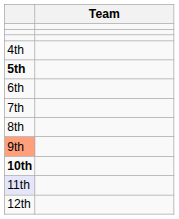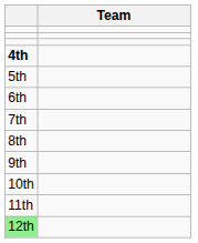 <table class="wikitable">
 <tr>
 <th width=20></th>
 <th width=175>Team</th>
 </tr>
 <tr>
 <td></td>
 <td></td>
 </tr>
 <tr>
 <td></td>
 <td></td>
 </tr>
 <tr>
 <td></td>
 <td></td>
 </tr>
 <tr>
-<td>4th</td>
+<td><strong>4th</strong></td>
 <td></td>
 </tr>
 <tr>
-<td><strong>5th</strong></td>
+<td>5th</td>
 <td></td>
 </tr>
 <tr>
 <td>6th</td>
 <td></td>
 </tr>
 <tr>
 <td>7th</td>
 <td></td>
 </tr>
 <tr>
 <td>8th</td>
 <td></td>
 </tr>
 <tr>
-<td style="background: lightsalmon;">9th</td>
+<td>9th</td>
 <td></td>
 </tr>
 <tr>
-<td><strong>10th</strong></td>
+<td>10th</td>
 <td></td>
 </tr>
 <tr>
-<td style="background: lavender;">11th</td>
+<td>11th</td>
 <td></td>
 </tr>
 <tr>
-<td>12th</td>
+<td style="background: lightgreen;">12th</td>
 <td></td>
 </tr>
 </table>
